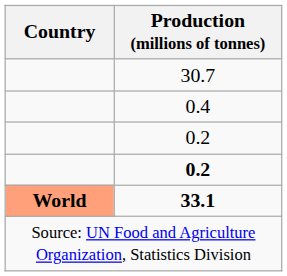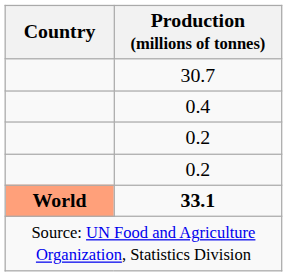 <table class="wikitable" style="float:right; clear:right; width:14em; text-align:center;">
 <tr>
 <th>Country</th>
 <th>Production <br><small> (millions of tonnes)</small></th>
 </tr>
 <tr>
 <td></td>
 <td>30.7</td>
 </tr>
 <tr>
 <td></td>
 <td>0.4</td>
 </tr>
 <tr>
 <td></td>
 <td>0.2</td>
 </tr>
 <tr>
 <td></td>
-<td><strong>0.2</strong></td>
+<td>0.2</td>
 </tr>
 <tr>
 <td style="background: lightsalmon;"><strong>World</strong></td>
 <td><strong>33.1</strong></td>
 </tr>
 <tr>
 <td colspan=2><small>Source: <a href='#'>UN Food and Agriculture Organization</a>, Statistics Division</small></td>
 </tr>
 </table>
